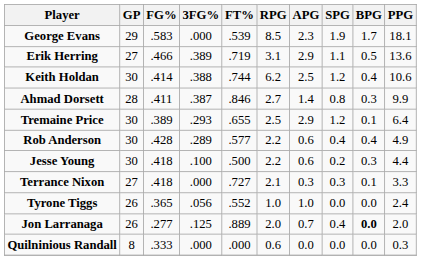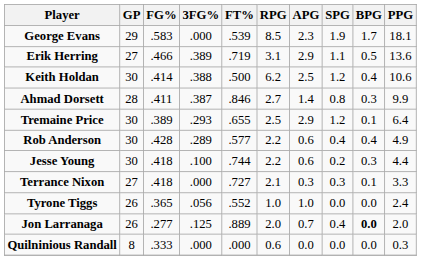 <table class="wikitable sortable" style="font-size: 90%">
 <tr>
 <th>Player</th>
 <th>GP</th>
 <th>FG%</th>
 <th>3FG%</th>
 <th>FT%</th>
 <th>RPG</th>
 <th>APG</th>
 <th>SPG</th>
 <th>BPG</th>
 <th>PPG</th>
 </tr>
 <tr align="center" bgcolor="">
 <td><strong>George Evans</strong></td>
 <td>29</td>
 <td>.583</td>
 <td>.000</td>
 <td>.539</td>
 <td>8.5</td>
 <td>2.3</td>
 <td>1.9</td>
 <td>1.7</td>
 <td>18.1</td>
 </tr>
 <tr align="center" bgcolor="">
 <td><strong>Erik Herring</strong></td>
 <td>27</td>
 <td>.466</td>
 <td>.389</td>
 <td>.719</td>
 <td>3.1</td>
 <td>2.9</td>
 <td>1.1</td>
 <td>0.5</td>
 <td>13.6</td>
 </tr>
 <tr align="center" bgcolor="">
 <td><strong>Keith Holdan</strong></td>
 <td>30</td>
 <td>.414</td>
 <td>.388</td>
-<td>.744</td>
+<td>.500</td>
 <td>6.2</td>
 <td>2.5</td>
 <td>1.2</td>
 <td>0.4</td>
 <td>10.6</td>
 </tr>
 <tr align="center" bgcolor="">
 <td><strong>Ahmad Dorsett</strong></td>
 <td>28</td>
 <td>.411</td>
 <td>.387</td>
 <td>.846</td>
 <td>2.7</td>
 <td>1.4</td>
 <td>0.8</td>
 <td>0.3</td>
 <td>9.9</td>
 </tr>
 <tr align="center" bgcolor="">
 <td><strong>Tremaine Price</strong></td>
 <td>30</td>
 <td>.389</td>
 <td>.293</td>
 <td>.655</td>
 <td>2.5</td>
 <td>2.9</td>
 <td>1.2</td>
 <td>0.1</td>
 <td>6.4</td>
 </tr>
 <tr align="center" bgcolor="">
 <td><strong>Rob Anderson</strong></td>
 <td>30</td>
 <td>.428</td>
 <td>.289</td>
 <td>.577</td>
 <td>2.2</td>
 <td>0.6</td>
 <td>0.4</td>
 <td>0.4</td>
 <td>4.9</td>
 </tr>
 <tr align="center" bgcolor="">
 <td><strong>Jesse Young</strong></td>
 <td>30</td>
 <td>.418</td>
 <td>.100</td>
-<td>.500</td>
+<td>.744</td>
 <td>2.2</td>
 <td>0.6</td>
 <td>0.2</td>
 <td>0.3</td>
 <td>4.4</td>
 </tr>
 <tr align="center" bgcolor="">
 <td><strong>Terrance Nixon</strong></td>
 <td>27</td>
 <td>.418</td>
 <td>.000</td>
 <td>.727</td>
 <td>2.1</td>
 <td>0.3</td>
 <td>0.3</td>
 <td>0.1</td>
 <td>3.3</td>
 </tr>
 <tr align="center" bgcolor="">
 <td><strong>Tyrone Tiggs</strong></td>
 <td>26</td>
 <td>.365</td>
 <td>.056</td>
 <td>.552</td>
 <td>1.0</td>
 <td>1.0</td>
 <td>0.0</td>
 <td>0.0</td>
 <td>2.4</td>
 </tr>
 <tr align="center" bgcolor="">
 <td><strong>Jon Larranaga</strong></td>
 <td>26</td>
 <td>.277</td>
 <td>.125</td>
 <td>.889</td>
 <td>2.0</td>
 <td>0.7</td>
 <td>0.4</td>
 <td><strong>0.0</strong></td>
 <td>2.0</td>
 </tr>
 <tr align="center" bgcolor="">
 <td><strong>Quilninious Randall</strong></td>
 <td>8</td>
 <td>.333</td>
 <td>.000</td>
 <td>.000</td>
 <td>0.6</td>
 <td>0.0</td>
 <td>0.0</td>
 <td>0.0</td>
 <td>0.3</td>
 </tr>
 <tr align="center" bgcolor="">
 </tr>
 </table>
